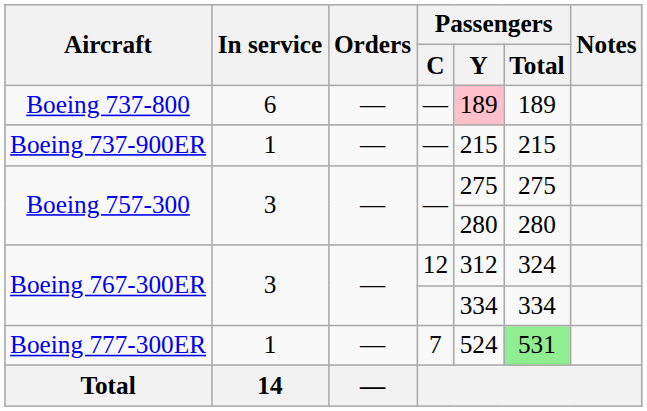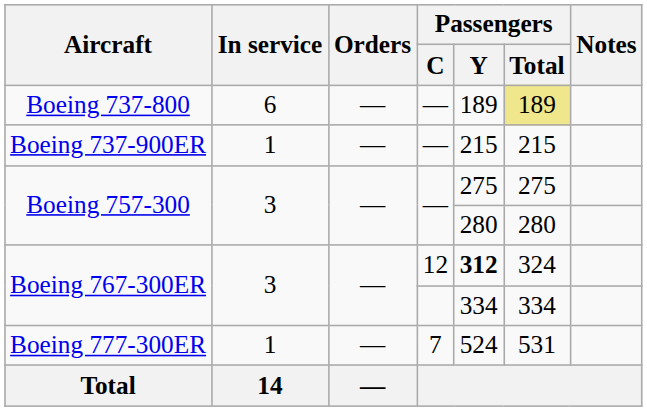 <table class="wikitable" style="margin:1em auto; border-collapse:collapse;text-align:center;">
 <tr>
 <th rowspan="2">Aircraft</th>
 <th rowspan="2">In service</th>
 <th rowspan="2">Orders</th>
 <th colspan="3">Passengers</th>
 <th rowspan="2">Notes</th>
 </tr>
 <tr>
 <th><abbr>C</abbr></th>
 <th><abbr>Y</abbr></th>
 <th>Total</th>
 </tr>
 <tr>
 <td><a href='#'>Boeing 737-800</a></td>
 <td>6</td>
 <td>—</td>
 <td>—</td>
-<td style="background: pink;">189</td>
 <td>189</td>
+<td style="background: khaki;">189</td>
 <td></td>
 </tr>
 <tr>
 <td><a href='#'>Boeing 737-900ER</a></td>
 <td>1</td>
 <td>—</td>
 <td>—</td>
 <td>215</td>
 <td>215</td>
 <td></td>
 </tr>
 <tr>
 <td rowspan="2"><a href='#'>Boeing 757-300</a></td>
 <td rowspan="2">3</td>
 <td rowspan="2">—</td>
 <td rowspan="2">—</td>
 <td>275</td>
 <td>275</td>
 <td></td>
 </tr>
 <tr>
 <td>280</td>
 <td>280</td>
 <td></td>
 </tr>
 <tr>
 <td rowspan="2"><a href='#'>Boeing 767-300ER</a></td>
 <td rowspan="2">3</td>
 <td rowspan="2">—</td>
 <td>12</td>
-<td>312</td>
+<td><strong>312</strong></td>
 <td>324</td>
 <td></td>
 </tr>
 <tr>
 <td></td>
 <td>334</td>
 <td>334</td>
 <td></td>
 </tr>
 <tr>
 <td><a href='#'>Boeing 777-300ER</a></td>
 <td>1</td>
 <td>—</td>
 <td>7</td>
 <td>524</td>
-<td style="background: lightgreen;">531</td>
+<td>531</td>
 <td></td>
 </tr>
 <tr>
 <th>Total</th>
 <th>14</th>
 <th>—</th>
 <th colspan="4"></th>
 </tr>
 </table>
